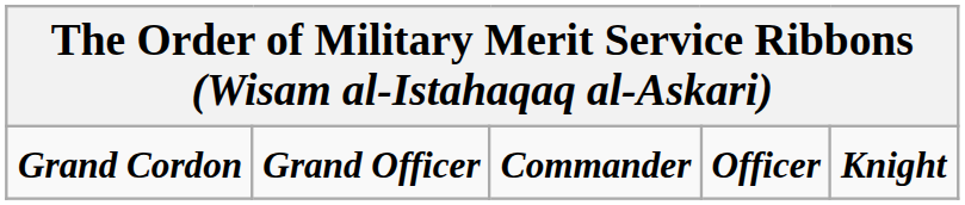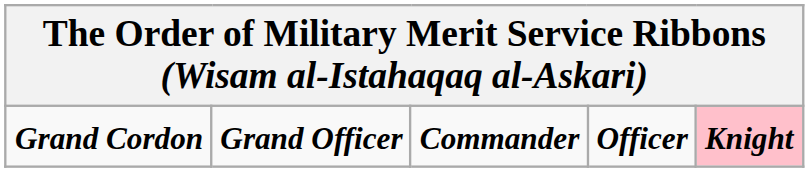 <table class="wikitable" style="margin: 1em auto;">
 <tr>
 <th colspan="5">The Order of Military Merit Service Ribbons<br><em>(Wisam al-Istahaqaq al-Askari)</em></th>
 </tr>
 <tr align="center">
 <td><em><small><strong>Grand Cordon</strong></small></em></td>
 <td><em><small><strong>Grand Officer</strong></small></em></td>
 <td><em><small><strong>Commander</strong></small></em></td>
 <td><em><small><strong>Officer</strong></small></em></td>
-<td><em><small><strong>Knight</strong></small></em></td>
+<td style="background: pink;"><em><small><strong>Knight</strong></small></em></td>
 </tr>
 </table>
